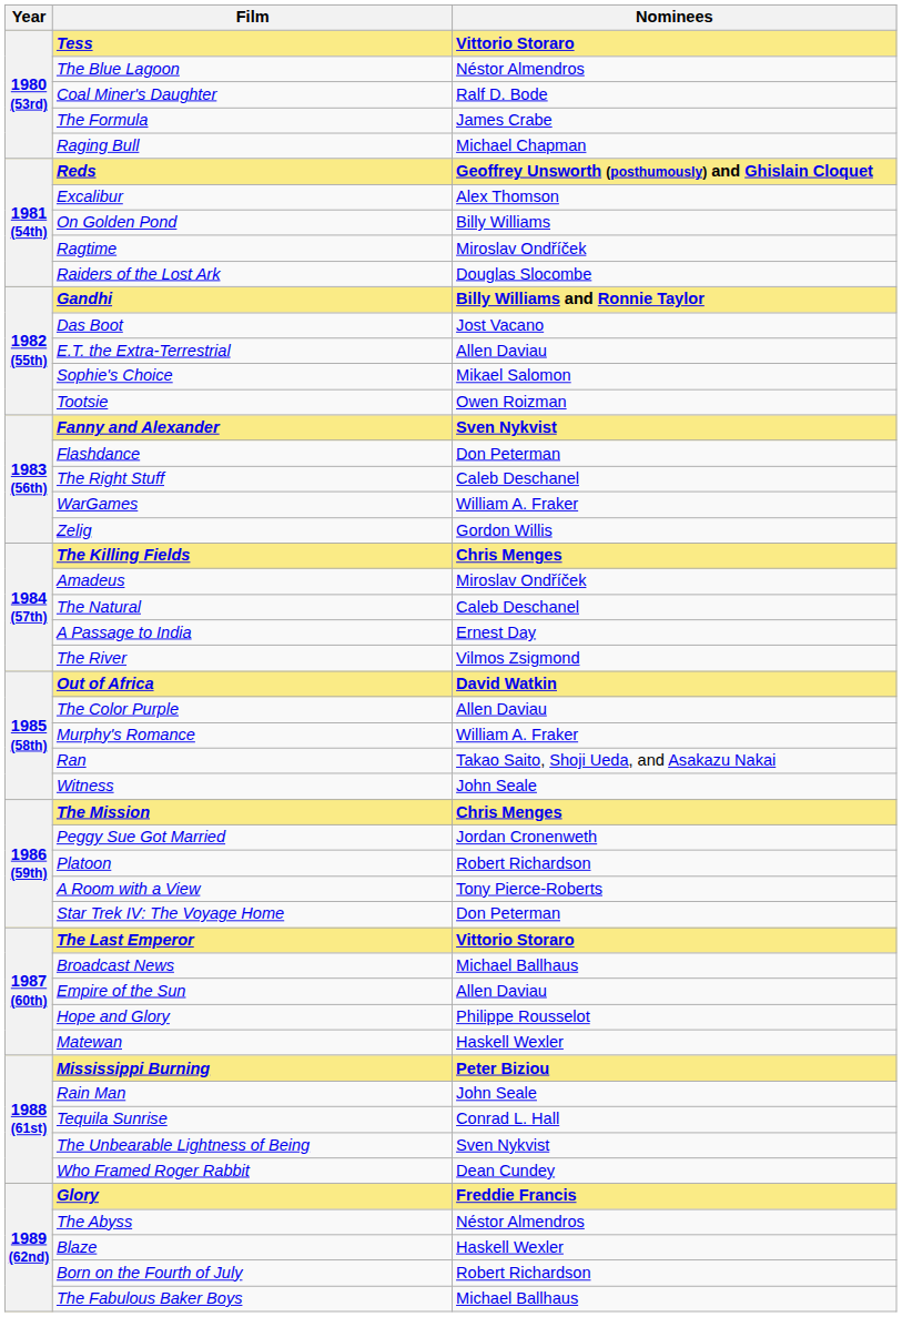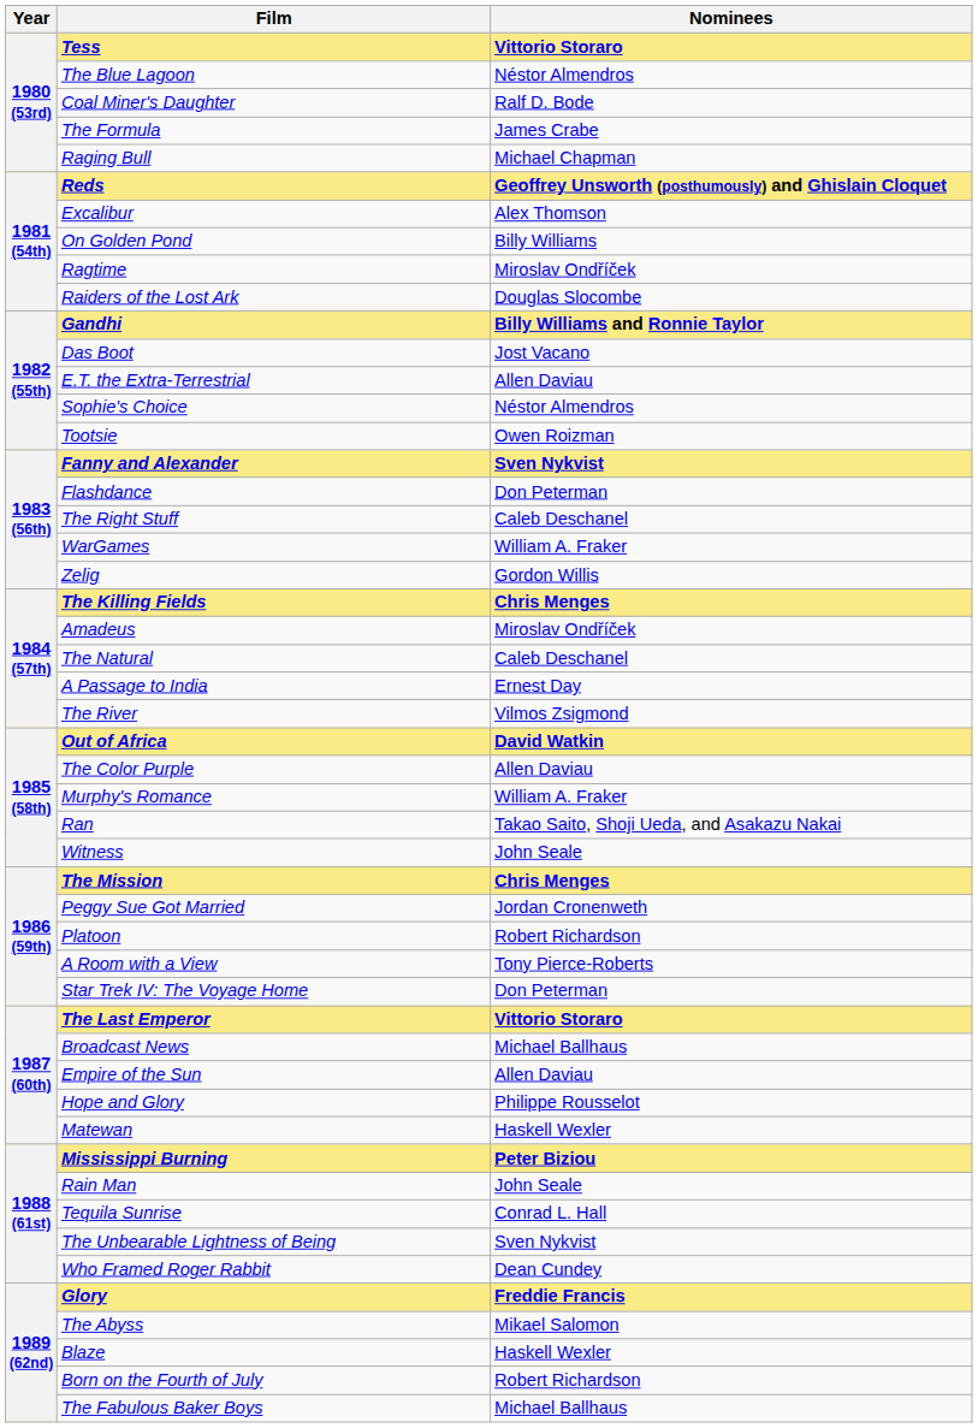 <table class="wikitable" style="width:100%">
 <tr style="background:#bebebe;">
 <th style="width:5%;">Year</th>
 <th style="width:45%;">Film</th>
 <th style="width:50%;">Nominees</th>
 </tr>
 <tr style="background:#FAEB86">
 <th rowspan="5"><a href='#'>1980</a><br><small><a href='#'>(53rd)</a></small></th>
 <td><strong><em><a href='#'>Tess</a></em></strong></td>
 <td><strong><a href='#'>Vittorio Storaro</a></strong></td>
 </tr>
 <tr>
 <td><em><a href='#'>The Blue Lagoon</a></em></td>
 <td><a href='#'>Néstor Almendros</a></td>
 </tr>
 <tr>
 <td><em><a href='#'>Coal Miner's Daughter</a></em></td>
 <td><a href='#'>Ralf D. Bode</a></td>
 </tr>
 <tr>
 <td><em><a href='#'>The Formula</a></em></td>
 <td><a href='#'>James Crabe</a></td>
 </tr>
 <tr>
 <td><em><a href='#'>Raging Bull</a></em></td>
 <td><a href='#'>Michael Chapman</a></td>
 </tr>
 <tr style="background:#FAEB86">
 <th rowspan="5"><a href='#'>1981</a><br><small><a href='#'>(54th)</a></small></th>
 <td><strong><em><a href='#'>Reds</a></em></strong></td>
 <td><strong><a href='#'>Geoffrey Unsworth</a> <small>(<a href='#'>posthumously</a>)</small> and <a href='#'>Ghislain Cloquet</a></strong></td>
 </tr>
 <tr>
 <td><em><a href='#'>Excalibur</a></em></td>
 <td><a href='#'>Alex Thomson</a></td>
 </tr>
 <tr>
 <td><em><a href='#'>On Golden Pond</a></em></td>
 <td><a href='#'>Billy Williams</a></td>
 </tr>
 <tr>
 <td><em><a href='#'>Ragtime</a></em></td>
 <td><a href='#'>Miroslav Ondříček</a></td>
 </tr>
 <tr>
 <td><em><a href='#'>Raiders of the Lost Ark</a></em></td>
 <td><a href='#'>Douglas Slocombe</a></td>
 </tr>
 <tr style="background:#FAEB86">
 <th rowspan="5"><a href='#'>1982</a><br><small><a href='#'>(55th)</a></small></th>
 <td><strong><em><a href='#'>Gandhi</a></em></strong></td>
 <td><strong><a href='#'>Billy Williams</a> and <a href='#'>Ronnie Taylor</a></strong></td>
 </tr>
 <tr>
 <td><em><a href='#'>Das Boot</a></em></td>
 <td><a href='#'>Jost Vacano</a></td>
 </tr>
 <tr>
 <td><em><a href='#'>E.T. the Extra-Terrestrial</a></em></td>
 <td><a href='#'>Allen Daviau</a></td>
 </tr>
 <tr>
 <td><em><a href='#'>Sophie's Choice</a></em></td>
-<td><a href='#'>Mikael Salomon</a></td>
+<td><a href='#'>Néstor Almendros</a></td>
 </tr>
 <tr>
 <td><em><a href='#'>Tootsie</a></em></td>
 <td><a href='#'>Owen Roizman</a></td>
 </tr>
 <tr style="background:#FAEB86">
 <th rowspan="5"><a href='#'>1983</a><br><small><a href='#'>(56th)</a></small></th>
 <td><strong><em><a href='#'>Fanny and Alexander</a></em></strong></td>
 <td><strong><a href='#'>Sven Nykvist</a></strong></td>
 </tr>
 <tr>
 <td><em><a href='#'>Flashdance</a></em></td>
 <td><a href='#'>Don Peterman</a></td>
 </tr>
 <tr>
 <td><em><a href='#'>The Right Stuff</a></em></td>
 <td><a href='#'>Caleb Deschanel</a></td>
 </tr>
 <tr>
 <td><em><a href='#'>WarGames</a></em></td>
 <td><a href='#'>William A. Fraker</a></td>
 </tr>
 <tr>
 <td><em><a href='#'>Zelig</a></em></td>
 <td><a href='#'>Gordon Willis</a></td>
 </tr>
 <tr style="background:#FAEB86">
 <th rowspan="5"><a href='#'>1984</a><br><small><a href='#'>(57th)</a></small></th>
 <td><strong><em><a href='#'>The Killing Fields</a></em></strong></td>
 <td><strong><a href='#'>Chris Menges</a></strong></td>
 </tr>
 <tr>
 <td><em><a href='#'>Amadeus</a></em></td>
 <td><a href='#'>Miroslav Ondříček</a></td>
 </tr>
 <tr>
 <td><em><a href='#'>The Natural</a></em></td>
 <td><a href='#'>Caleb Deschanel</a></td>
 </tr>
 <tr>
 <td><em><a href='#'>A Passage to India</a></em></td>
 <td><a href='#'>Ernest Day</a></td>
 </tr>
 <tr>
 <td><em><a href='#'>The River</a></em></td>
 <td><a href='#'>Vilmos Zsigmond</a></td>
 </tr>
 <tr style="background:#FAEB86">
 <th rowspan="5"><a href='#'>1985</a><br><small><a href='#'>(58th)</a></small></th>
 <td><strong><em><a href='#'>Out of Africa</a></em></strong></td>
 <td><strong><a href='#'>David Watkin</a></strong></td>
 </tr>
 <tr>
 <td><em><a href='#'>The Color Purple</a></em></td>
 <td><a href='#'>Allen Daviau</a></td>
 </tr>
 <tr>
 <td><em><a href='#'>Murphy's Romance</a></em></td>
 <td><a href='#'>William A. Fraker</a></td>
 </tr>
 <tr>
 <td><em><a href='#'>Ran</a></em></td>
 <td><a href='#'>Takao Saito</a>, <a href='#'>Shoji Ueda</a>, and <a href='#'>Asakazu Nakai</a></td>
 </tr>
 <tr>
 <td><em><a href='#'>Witness</a></em></td>
 <td><a href='#'>John Seale</a></td>
 </tr>
 <tr style="background:#FAEB86">
 <th rowspan="5"><a href='#'>1986</a><br><small><a href='#'>(59th)</a></small></th>
 <td><strong><em><a href='#'>The Mission</a></em></strong></td>
 <td><strong><a href='#'>Chris Menges</a></strong></td>
 </tr>
 <tr>
 <td><em><a href='#'>Peggy Sue Got Married</a></em></td>
 <td><a href='#'>Jordan Cronenweth</a></td>
 </tr>
 <tr>
 <td><em><a href='#'>Platoon</a></em></td>
 <td><a href='#'>Robert Richardson</a></td>
 </tr>
 <tr>
 <td><em><a href='#'>A Room with a View</a></em></td>
 <td><a href='#'>Tony Pierce-Roberts</a></td>
 </tr>
 <tr>
 <td><em><a href='#'>Star Trek IV: The Voyage Home</a></em></td>
 <td><a href='#'>Don Peterman</a></td>
 </tr>
 <tr style="background:#FAEB86">
 <th rowspan="5"><a href='#'>1987</a><br><small><a href='#'>(60th)</a></small></th>
 <td><strong><em><a href='#'>The Last Emperor</a></em></strong></td>
 <td><strong><a href='#'>Vittorio Storaro</a></strong></td>
 </tr>
 <tr>
 <td><em><a href='#'>Broadcast News</a></em></td>
 <td><a href='#'>Michael Ballhaus</a></td>
 </tr>
 <tr>
 <td><em><a href='#'>Empire of the Sun</a></em></td>
 <td><a href='#'>Allen Daviau</a></td>
 </tr>
 <tr>
 <td><em><a href='#'>Hope and Glory</a></em></td>
 <td><a href='#'>Philippe Rousselot</a></td>
 </tr>
 <tr>
 <td><em><a href='#'>Matewan</a></em></td>
 <td><a href='#'>Haskell Wexler</a></td>
 </tr>
 <tr style="background:#FAEB86">
 <th rowspan="5"><a href='#'>1988</a><br><small><a href='#'>(61st)</a></small></th>
 <td><strong><em><a href='#'>Mississippi Burning</a></em></strong></td>
 <td><strong><a href='#'>Peter Biziou</a></strong></td>
 </tr>
 <tr>
 <td><em><a href='#'>Rain Man</a></em></td>
 <td><a href='#'>John Seale</a></td>
 </tr>
 <tr>
 <td><em><a href='#'>Tequila Sunrise</a></em></td>
 <td><a href='#'>Conrad L. Hall</a></td>
 </tr>
 <tr>
 <td><em><a href='#'>The Unbearable Lightness of Being</a></em></td>
 <td><a href='#'>Sven Nykvist</a></td>
 </tr>
 <tr>
 <td><em><a href='#'>Who Framed Roger Rabbit</a></em></td>
 <td><a href='#'>Dean Cundey</a></td>
 </tr>
 <tr style="background:#FAEB86">
 <th rowspan="5"><a href='#'>1989</a><br><small><a href='#'>(62nd)</a></small></th>
 <td><strong><em><a href='#'>Glory</a></em></strong></td>
 <td><strong><a href='#'>Freddie Francis</a></strong></td>
 </tr>
 <tr>
 <td><em><a href='#'>The Abyss</a></em></td>
-<td><a href='#'>Néstor Almendros</a></td>
+<td><a href='#'>Mikael Salomon</a></td>
 </tr>
 <tr>
 <td><em><a href='#'>Blaze</a></em></td>
 <td><a href='#'>Haskell Wexler</a></td>
 </tr>
 <tr>
 <td><em><a href='#'>Born on the Fourth of July</a></em></td>
 <td><a href='#'>Robert Richardson</a></td>
 </tr>
 <tr>
 <td><em><a href='#'>The Fabulous Baker Boys</a></em></td>
 <td><a href='#'>Michael Ballhaus</a></td>
 </tr>
 </table>
